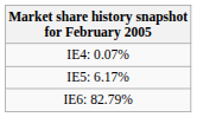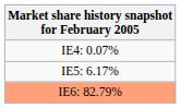 <table class="wikitable floatright"  style="font-size:85%; text-align:center;">
 <tr>
 <th>Market share history snapshot<br>for February 2005</th>
 </tr>
 <tr>
 <td>IE4: 0.07%</td>
 </tr>
 <tr>
 <td>IE5: 6.17%</td>
 </tr>
 <tr>
-<td>IE6: 82.79%</td>
+<td style="background: lightsalmon;">IE6: 82.79%</td>
 </tr>
 </table>
